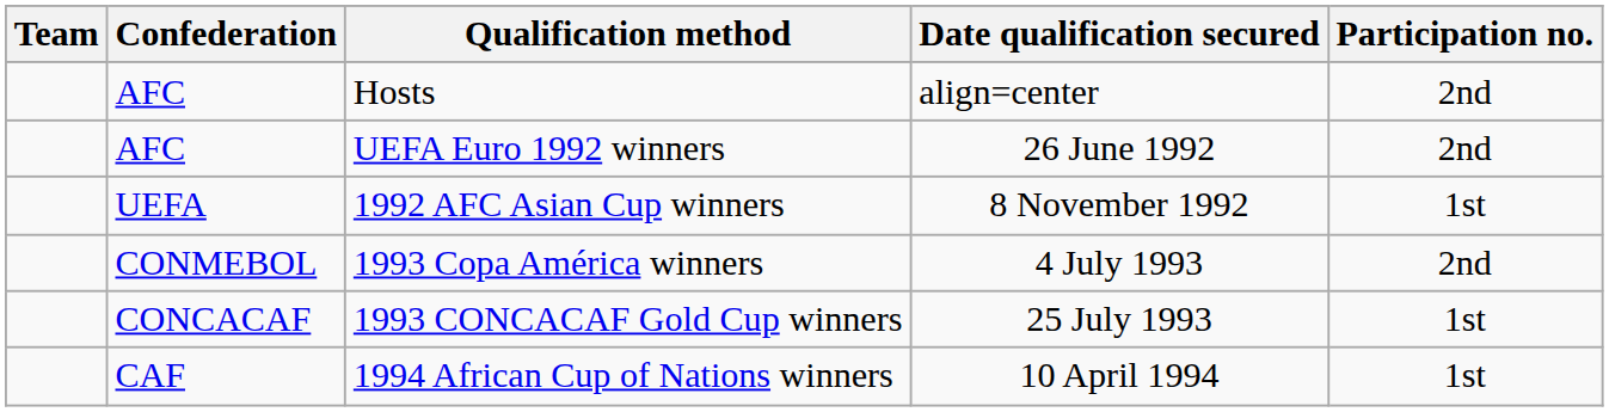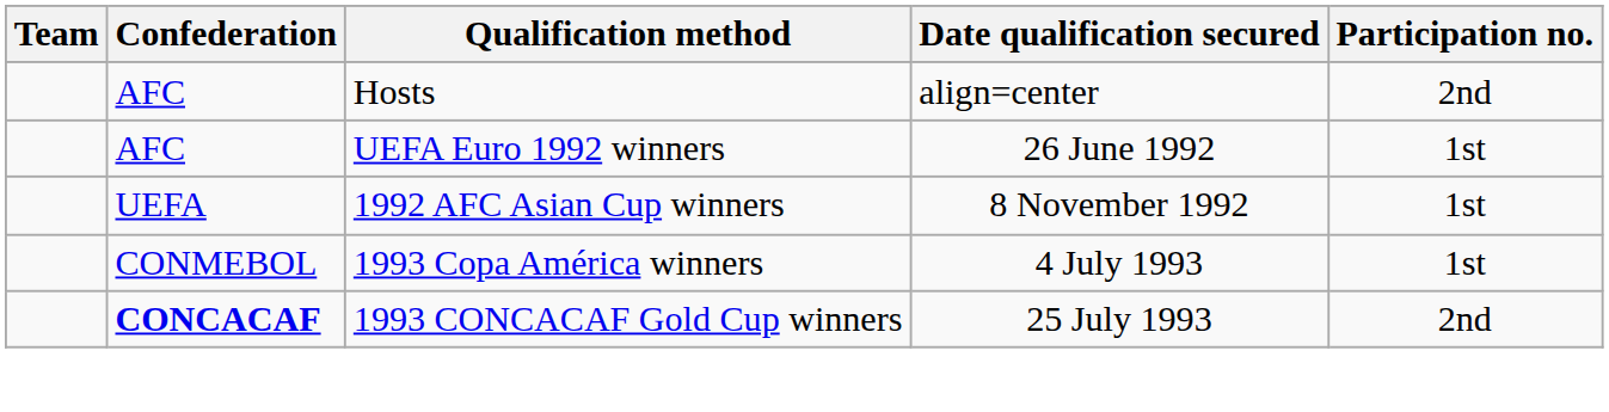 <table class="wikitable sortable">
 <tr>
 <th>Team</th>
 <th>Confederation</th>
 <th>Qualification method</th>
 <th>Date qualification secured</th>
 <th>Participation no.</th>
 </tr>
 <tr>
 <td></td>
 <td><a href='#'>AFC</a></td>
 <td>Hosts</td>
 <td>align=center </td>
 <td align=center>2nd</td>
 </tr>
 <tr>
 <td></td>
 <td><a href='#'>AFC</a></td>
 <td><a href='#'>UEFA Euro 1992</a> winners</td>
 <td align=center>26 June 1992</td>
-<td align=center>2nd</td>
+<td align=center>1st</td>
 </tr>
 <tr>
 <td></td>
 <td><a href='#'>UEFA</a></td>
 <td><a href='#'>1992 AFC Asian Cup</a> winners</td>
 <td align=center>8 November 1992</td>
 <td align=center>1st</td>
 </tr>
 <tr>
 <td></td>
 <td><a href='#'>CONMEBOL</a></td>
 <td><a href='#'>1993 Copa América</a> winners</td>
 <td align=center>4 July 1993</td>
-<td align=center>2nd</td>
-</tr>
-<tr>
-<td></td>
-<td><a href='#'>CONCACAF</a></td>
-<td><a href='#'>1993 CONCACAF Gold Cup</a> winners</td>
-<td align=center>25 July 1993</td>
 <td align=center>1st</td>
 </tr>
 <tr>
 <td></td>
-<td><a href='#'>CAF</a></td>
-<td><a href='#'>1994 African Cup of Nations</a> winners</td>
-<td align=center>10 April 1994</td>
-<td align=center>1st</td>
+<td><strong><a href='#'>CONCACAF</a></strong></td>
+<td><a href='#'>1993 CONCACAF Gold Cup</a> winners</td>
+<td align=center>25 July 1993</td>
+<td align=center>2nd</td>
 </tr>
 </table>
